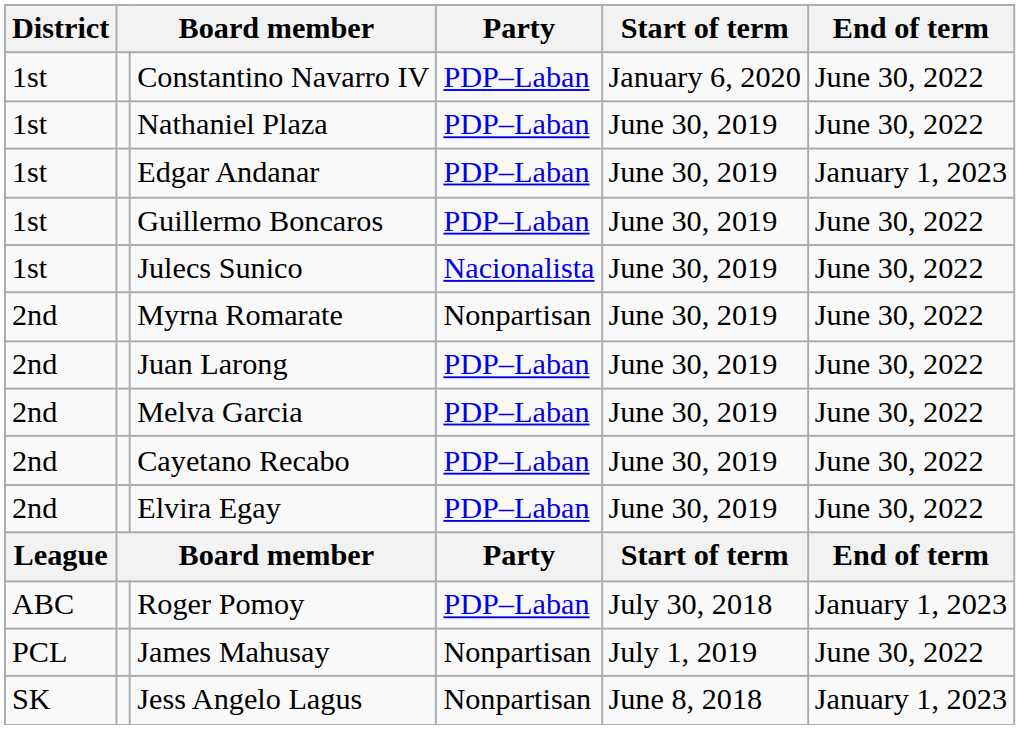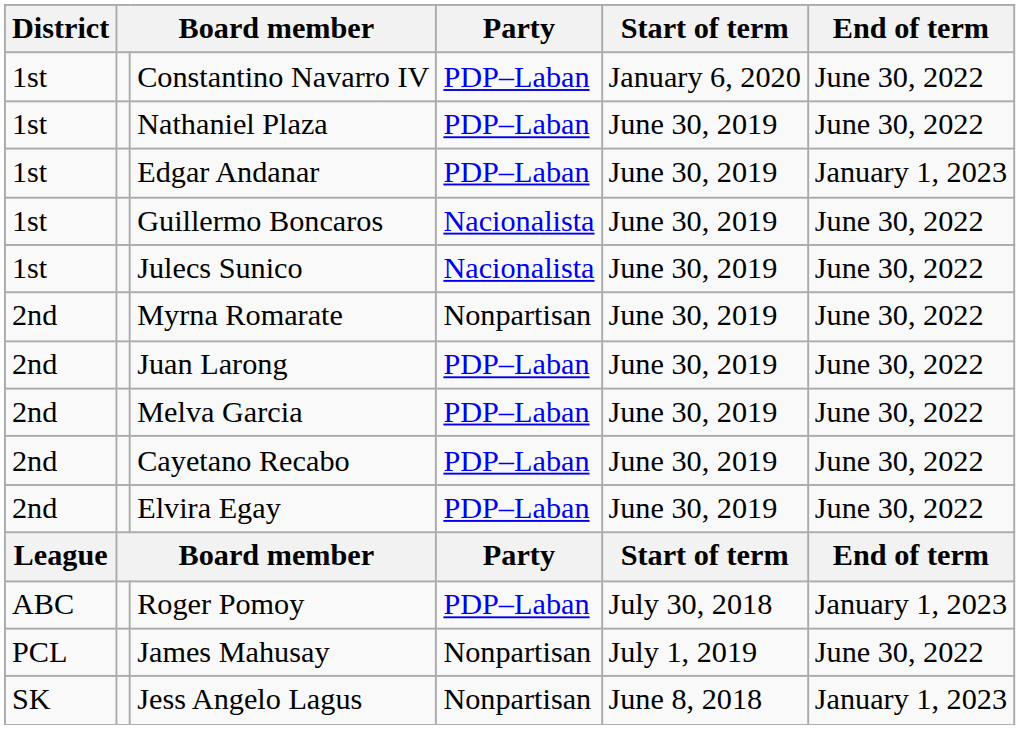 <table class="wikitable">
 <tr>
 <th>District</th>
 <th colspan="2">Board member</th>
 <th>Party</th>
 <th>Start of term</th>
 <th>End of term</th>
 </tr>
 <tr>
 <td>1st</td>
 <td></td>
 <td>Constantino Navarro IV</td>
 <td><a href='#'>PDP–Laban</a></td>
 <td>January 6, 2020</td>
 <td>June 30, 2022</td>
 </tr>
 <tr>
 <td>1st</td>
 <td></td>
 <td>Nathaniel Plaza</td>
 <td><a href='#'>PDP–Laban</a></td>
 <td>June 30, 2019</td>
 <td>June 30, 2022</td>
 </tr>
 <tr>
 <td>1st</td>
 <td></td>
 <td>Edgar Andanar</td>
 <td><a href='#'>PDP–Laban</a></td>
 <td>June 30, 2019</td>
 <td>January 1, 2023</td>
 </tr>
 <tr>
 <td>1st</td>
 <td></td>
 <td>Guillermo Boncaros</td>
-<td><a href='#'>PDP–Laban</a></td>
+<td><a href='#'>Nacionalista</a></td>
 <td>June 30, 2019</td>
 <td>June 30, 2022</td>
 </tr>
 <tr>
 <td>1st</td>
 <td></td>
 <td>Julecs Sunico</td>
 <td><a href='#'>Nacionalista</a></td>
 <td>June 30, 2019</td>
 <td>June 30, 2022</td>
 </tr>
 <tr>
 <td>2nd</td>
 <td></td>
 <td>Myrna Romarate</td>
 <td>Nonpartisan</td>
 <td>June 30, 2019</td>
 <td>June 30, 2022</td>
 </tr>
 <tr>
 <td>2nd</td>
 <td></td>
 <td>Juan Larong</td>
 <td><a href='#'>PDP–Laban</a></td>
 <td>June 30, 2019</td>
 <td>June 30, 2022</td>
 </tr>
 <tr>
 <td>2nd</td>
 <td></td>
 <td>Melva Garcia</td>
 <td><a href='#'>PDP–Laban</a></td>
 <td>June 30, 2019</td>
 <td>June 30, 2022</td>
 </tr>
 <tr>
 <td>2nd</td>
 <td></td>
 <td>Cayetano Recabo</td>
 <td><a href='#'>PDP–Laban</a></td>
 <td>June 30, 2019</td>
 <td>June 30, 2022</td>
 </tr>
 <tr>
 <td>2nd</td>
 <td></td>
 <td>Elvira Egay</td>
 <td><a href='#'>PDP–Laban</a></td>
 <td>June 30, 2019</td>
 <td>June 30, 2022</td>
 </tr>
 <tr>
 <th>League</th>
 <th colspan="2">Board member</th>
 <th>Party</th>
 <th>Start of term</th>
 <th>End of term</th>
 </tr>
 <tr>
 <td>ABC</td>
 <td></td>
 <td>Roger Pomoy</td>
 <td><a href='#'>PDP–Laban</a></td>
 <td>July 30, 2018</td>
 <td>January 1, 2023</td>
 </tr>
 <tr>
 <td>PCL</td>
 <td></td>
 <td>James Mahusay</td>
 <td>Nonpartisan</td>
 <td>July 1, 2019</td>
 <td>June 30, 2022</td>
 </tr>
 <tr>
 <td>SK</td>
 <td></td>
 <td>Jess Angelo Lagus</td>
 <td>Nonpartisan</td>
 <td>June 8, 2018</td>
 <td>January 1, 2023</td>
 </tr>
 </table>
